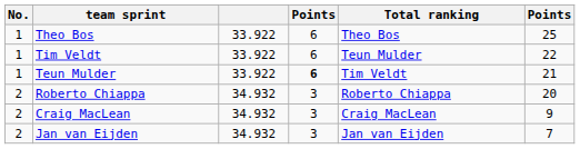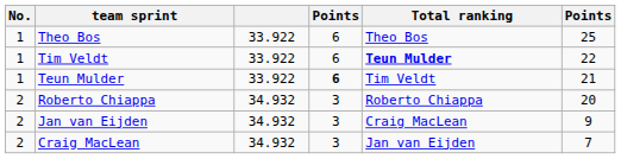 <table class="wikitable">
 <tr>
 <th width="20px">No.</th>
 <th width="200px">team sprint</th>
 <th width="70px"></th>
 <th width="40px">Points</th>
 <th width="200px">Total ranking</th>
 <th width="40px">Points</th>
 </tr>
 <tr align=center>
 <td>1</td>
 <td align=left> <a href='#'>Theo Bos</a></td>
 <td>33.922</td>
 <td>6</td>
 <td align=left> <a href='#'>Theo Bos</a></td>
 <td>25</td>
 </tr>
 <tr align=center>
 <td>1</td>
 <td align=left> <a href='#'>Tim Veldt</a></td>
 <td>33.922</td>
 <td>6</td>
-<td align=left> <a href='#'>Teun Mulder</a></td>
+<td align=left><strong> <a href='#'>Teun Mulder</a></strong></td>
 <td>22</td>
 </tr>
 <tr align=center>
 <td>1</td>
 <td align=left> <a href='#'>Teun Mulder</a></td>
 <td>33.922</td>
 <td><strong>6</strong></td>
 <td align=left> <a href='#'>Tim Veldt</a></td>
 <td>21</td>
 </tr>
 <tr align=center>
 <td>2</td>
 <td align=left> <a href='#'>Roberto Chiappa</a></td>
 <td>34.932</td>
 <td>3</td>
 <td align=left> <a href='#'>Roberto Chiappa</a></td>
 <td>20</td>
 </tr>
 <tr align=center>
 <td>2</td>
-<td align=left> <a href='#'>Craig MacLean</a></td>
+<td align=left> <a href='#'>Jan van Eijden</a></td>
 <td>34.932</td>
 <td>3</td>
 <td align=left> <a href='#'>Craig MacLean</a></td>
 <td>9</td>
 </tr>
 <tr align=center>
 <td>2</td>
-<td align=left> <a href='#'>Jan van Eijden</a></td>
+<td align=left> <a href='#'>Craig MacLean</a></td>
 <td>34.932</td>
 <td>3</td>
 <td align=left> <a href='#'>Jan van Eijden</a></td>
 <td>7</td>
 </tr>
 </table>
